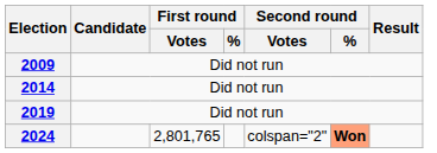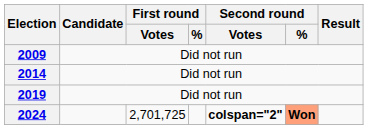 <table class="wikitable" style="text-align:center">
 <tr>
 <th rowspan="2"><strong>Election</strong></th>
 <th rowspan="2">Candidate</th>
 <th colspan="2" scope="col">First round</th>
 <th colspan="2">Second round</th>
 <th rowspan="2">Result</th>
 </tr>
 <tr>
 <th><strong>Votes</strong></th>
 <th><strong>%</strong></th>
 <th><strong>Votes</strong></th>
 <th><strong>%</strong></th>
 </tr>
 <tr>
 <th><a href='#'>2009</a></th>
 <td colspan="6">Did not run</td>
 </tr>
 <tr>
 <th><a href='#'>2014</a></th>
 <td colspan="6">Did not run</td>
 </tr>
 <tr>
 <th><a href='#'>2019</a></th>
 <td colspan="6">Did not run</td>
 </tr>
 <tr>
 <th><a href='#'>2024</a></th>
 <td></td>
-<td>2,801,765</td>
+<td>2,701,725</td>
 <td></td>
-<td>colspan="2" </td>
+<td><strong>colspan="2" </strong></td>
 <td style="background: lightsalmon;"><strong>Won</strong> </td>
 </tr>
 </table>
